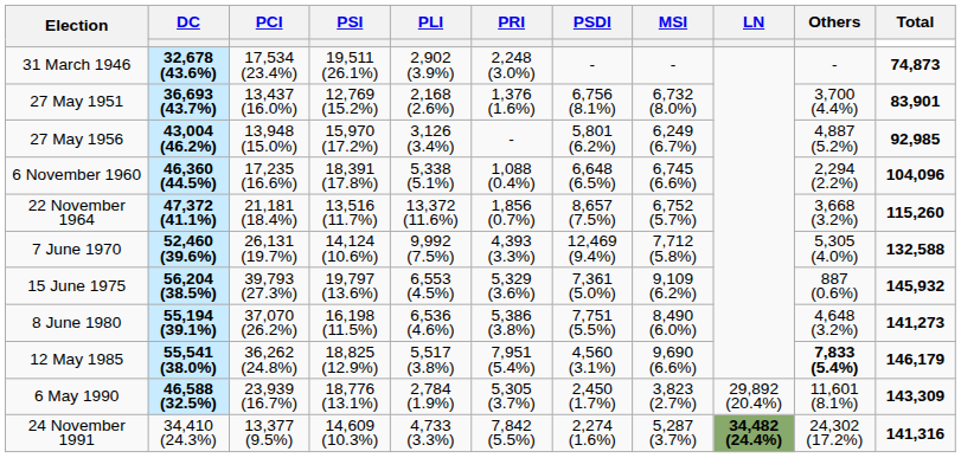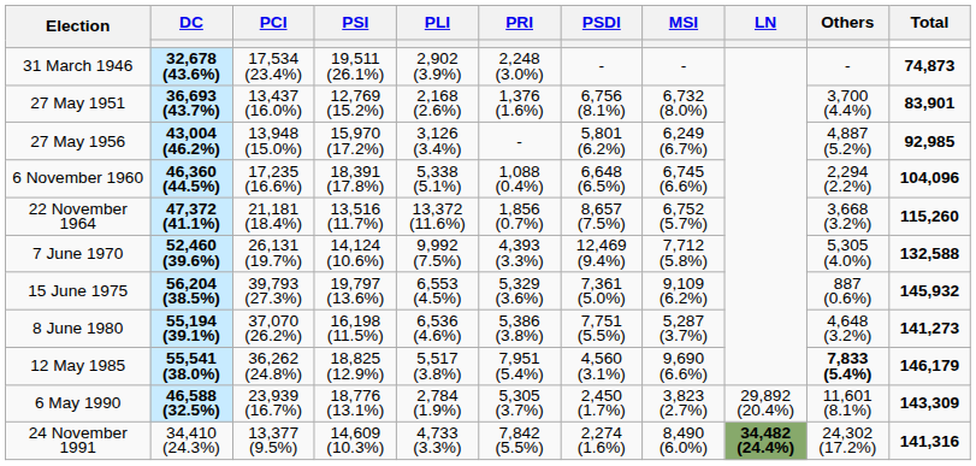 <table class="wikitable" style="text-align:center;font-size:90%;line-height:13px">
 <tr style="height:30px; background-color:#E9E9E9">
 <th style="width:120px;" rowspan="2">Election</th>
 <th style="width:65px;"><a href='#'>DC</a></th>
 <th style="width:65px;"><a href='#'>PCI</a></th>
 <th style="width:65px;"><a href='#'>PSI</a></th>
 <th style="width:65px;"><a href='#'>PLI</a></th>
 <th style="width:65px;"><a href='#'>PRI</a></th>
 <th style="width:65px;"><a href='#'>PSDI</a></th>
 <th style="width:65px;"><a href='#'>MSI</a></th>
 <th style="width:65px;"><a href='#'>LN</a></th>
 <th style="width:65px;">Others</th>
 <th style="width:65px;">Total</th>
 </tr>
 <tr>
 <th style="background:"></th>
 <th style="background:"></th>
 <th style="background:"></th>
 <th style="background:"></th>
 <th style="background:"></th>
 <th style="background:"></th>
 <th style="background:"></th>
 <th style="background:"></th>
 <th style="background:"></th>
 <th style="background:white;"></th>
 </tr>
 <tr>
 <td>31 March 1946</td>
 <td style="background:#C8EBFF"><strong>32,678 <br>(43.6%)</strong></td>
 <td>17,534 <br>(23.4%)</td>
 <td>19,511 <br>(26.1%)</td>
 <td>2,902 <br>(3.9%)</td>
 <td>2,248 <br>(3.0%)</td>
 <td>-</td>
 <td>-</td>
 <td rowspan=9></td>
 <td>-</td>
 <td><strong>74,873</strong></td>
 </tr>
 <tr>
 <td>27 May 1951</td>
 <td style="background:#C8EBFF"><strong>36,693 <br>(43.7%)</strong></td>
 <td>13,437 <br>(16.0%)</td>
 <td>12,769 <br>(15.2%)</td>
 <td>2,168 <br>(2.6%)</td>
 <td>1,376 <br>(1.6%)</td>
 <td>6,756 <br>(8.1%)</td>
 <td>6,732 <br>(8.0%)</td>
 <td>3,700 <br>(4.4%)</td>
 <td><strong>83,901</strong></td>
 </tr>
 <tr>
 <td>27 May 1956</td>
 <td style="background:#C8EBFF"><strong>43,004 <br>(46.2%)</strong></td>
 <td>13,948 <br>(15.0%)</td>
 <td>15,970 <br>(17.2%)</td>
 <td>3,126 <br>(3.4%)</td>
 <td>-</td>
 <td>5,801 <br>(6.2%)</td>
 <td>6,249 <br>(6.7%)</td>
 <td>4,887 <br>(5.2%)</td>
 <td><strong>92,985</strong></td>
 </tr>
 <tr>
 <td>6 November 1960</td>
 <td style="background:#C8EBFF"><strong>46,360 <br>(44.5%)</strong></td>
 <td>17,235 <br>(16.6%)</td>
 <td>18,391 <br>(17.8%)</td>
 <td>5,338 <br>(5.1%)</td>
 <td>1,088 <br>(0.4%)</td>
 <td>6,648 <br>(6.5%)</td>
 <td>6,745 <br>(6.6%)</td>
 <td>2,294 <br>(2.2%)</td>
 <td><strong>104,096</strong></td>
 </tr>
 <tr>
 <td>22 November 1964</td>
 <td style="background:#C8EBFF"><strong>47,372 <br>(41.1%)</strong></td>
 <td>21,181 <br>(18.4%)</td>
 <td>13,516 <br>(11.7%)</td>
 <td>13,372 <br>(11.6%)</td>
 <td>1,856 <br>(0.7%)</td>
 <td>8,657 <br>(7.5%)</td>
 <td>6,752 <br>(5.7%)</td>
 <td>3,668 <br>(3.2%)</td>
 <td><strong>115,260</strong></td>
 </tr>
 <tr>
 <td>7 June 1970</td>
 <td style="background:#C8EBFF"><strong>52,460 <br>(39.6%)</strong></td>
 <td>26,131 <br>(19.7%)</td>
 <td>14,124 <br>(10.6%)</td>
 <td>9,992 <br>(7.5%)</td>
 <td>4,393 <br>(3.3%)</td>
 <td>12,469 <br>(9.4%)</td>
 <td>7,712 <br>(5.8%)</td>
 <td>5,305 <br>(4.0%)</td>
 <td><strong>132,588</strong></td>
 </tr>
 <tr>
 <td>15 June 1975</td>
 <td style="background:#C8EBFF"><strong>56,204 <br>(38.5%)</strong></td>
 <td>39,793 <br>(27.3%)</td>
 <td>19,797 <br>(13.6%)</td>
 <td>6,553 <br>(4.5%)</td>
 <td>5,329 <br>(3.6%)</td>
 <td>7,361 <br>(5.0%)</td>
 <td>9,109 <br>(6.2%)</td>
 <td>887 <br>(0.6%)</td>
 <td><strong>145,932</strong></td>
 </tr>
 <tr>
 <td>8 June 1980</td>
 <td style="background:#C8EBFF"><strong>55,194 <br>(39.1%)</strong></td>
 <td>37,070 <br>(26.2%)</td>
 <td>16,198 <br>(11.5%)</td>
 <td>6,536 <br>(4.6%)</td>
 <td>5,386 <br>(3.8%)</td>
 <td>7,751 <br>(5.5%)</td>
-<td>8,490 <br>(6.0%)</td>
+<td>5,287 <br>(3.7%)</td>
 <td>4,648 <br>(3.2%)</td>
 <td><strong>141,273</strong></td>
 </tr>
 <tr>
 <td>12 May 1985</td>
 <td style="background:#C8EBFF"><strong>55,541 <br>(38.0%)</strong></td>
 <td>36,262 <br>(24.8%)</td>
 <td>18,825 <br>(12.9%)</td>
 <td>5,517 <br>(3.8%)</td>
 <td>7,951 <br>(5.4%)</td>
 <td>4,560 <br>(3.1%)</td>
 <td>9,690 <br>(6.6%)</td>
 <td><strong>7,833 <br>(5.4%)</strong></td>
 <td><strong>146,179</strong></td>
 </tr>
 <tr>
 <td>6 May 1990</td>
 <td style="background:#C8EBFF"><strong>46,588 <br>(32.5%)</strong></td>
 <td>23,939 <br>(16.7%)</td>
 <td>18,776 <br>(13.1%)</td>
 <td>2,784 <br>(1.9%)</td>
 <td>5,305 <br>(3.7%)</td>
 <td>2,450 <br>(1.7%)</td>
 <td>3,823 <br>(2.7%)</td>
 <td>29,892 <br>(20.4%)</td>
 <td>11,601 <br>(8.1%)</td>
 <td><strong>143,309</strong></td>
 </tr>
 <tr>
 <td>24 November 1991</td>
 <td>34,410 <br>(24.3%)</td>
 <td>13,377<br>(9.5%)</td>
 <td>14,609 <br>(10.3%)</td>
 <td>4,733 <br>(3.3%)</td>
 <td>7,842 <br>(5.5%)</td>
 <td>2,274 <br>(1.6%)</td>
-<td>5,287 <br>(3.7%)</td>
+<td>8,490 <br>(6.0%)</td>
 <td style="background:#87A96B"><strong>34,482 <br>(24.4%)</strong></td>
 <td>24,302 <br>(17.2%)</td>
 <td><strong>141,316</strong></td>
 </tr>
 </table>
